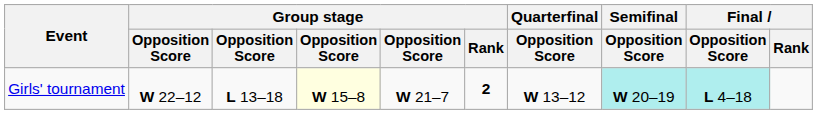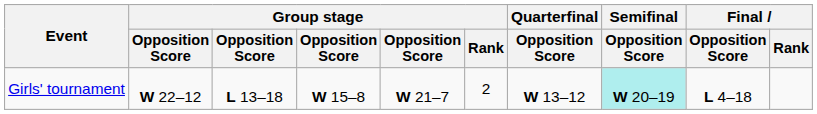 <table class="wikitable" style="font-size:90%">
 <tr>
 <th rowspan=2>Event</th>
 <th colspan=5>Group stage</th>
 <th>Quarterfinal</th>
 <th>Semifinal</th>
 <th colspan=2>Final / </th>
 </tr>
 <tr style="font-size:95%">
 <th>Opposition<br>Score</th>
 <th>Opposition<br>Score</th>
 <th>Opposition<br>Score</th>
 <th>Opposition<br>Score</th>
 <th>Rank</th>
 <th>Opposition<br>Score</th>
 <th>Opposition<br>Score</th>
 <th>Opposition<br>Score</th>
 <th>Rank</th>
 </tr>
 <tr align=center>
 <td align=left><a href='#'>Girls' tournament</a></td>
 <td><br><strong>W</strong> 22–12</td>
 <td><br><strong>L</strong> 13–18</td>
-<td style="background: lightyellow;"><br><strong>W</strong> 15–8</td>
+<td><br><strong>W</strong> 15–8</td>
 <td><br><strong>W</strong> 21–7</td>
-<td><strong>2</strong></td>
+<td>2</td>
 <td><br><strong>W</strong> 13–12</td>
 <td style="background: paleturquoise;"><br><strong>W</strong> 20–19</td>
-<td style="background: paleturquoise;"><br><strong>L</strong> 4–18</td>
+<td><br><strong>L</strong> 4–18</td>
 <td></td>
 </tr>
 </table>
